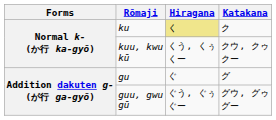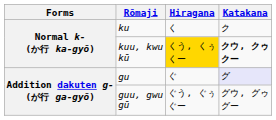 <table class="wikitable">
 <tr>
 <th>Forms</th>
 <th><a href='#'>Rōmaji</a></th>
 <th><a href='#'>Hiragana</a></th>
 <th><a href='#'>Katakana</a></th>
 </tr>
 <tr>
 <th rowspan="2">Normal <em>k-</em><br>(か行 <em>ka-gyō</em>)</th>
 <td><em>ku</em></td>
-<td style="background: khaki;">く</td>
+<td>く</td>
 <td>ク</td>
 </tr>
 <tr>
 <td><em>kuu, kwu</em><br><em>kū</em></td>
-<td>くう, くぅ<br>くー</td>
-<td>クウ, クゥ<br>クー</td>
+<td style="background: gold;">くう, くぅ<br>くー</td>
+<td><strong>クウ, クゥ<br>クー</strong></td>
 </tr>
 <tr>
 <th rowspan="2">Addition <a href='#'>dakuten</a> <em>g-</em><br>(が行 <em>ga-gyō</em>)</th>
 <td><em>gu</em></td>
 <td>ぐ</td>
-<td>グ</td>
+<td style="background: lavender;">グ</td>
 </tr>
 <tr>
 <td><em>guu, gwu</em><br><em>gū</em></td>
 <td>ぐう, ぐぅ<br>ぐー</td>
 <td>グウ, グゥ<br>グー</td>
 </tr>
 </table>
